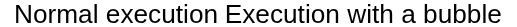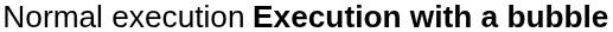 <table align="center">
 <tr align="center">
 <td></td>
 <td></td>
 </tr>
 <tr align="center">
 <td>Normal execution</td>
-<td>Execution with a bubble</td>
+<td><strong>Execution with a bubble</strong></td>
 </tr>
 </table>
